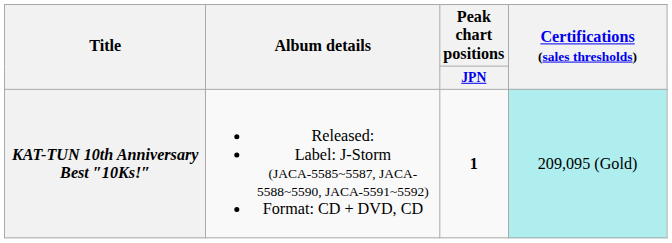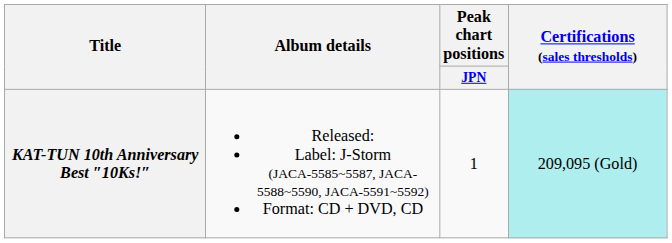 <table class="wikitable plainrowheaders" style="text-align:center;">
 <tr>
 <th scope="col" rowspan="2" style="width:12em;">Title</th>
 <th scope="col" rowspan="2" style="width:14em;">Album details</th>
 <th colspan="1">Peak chart positions</th>
 <th width="150" rowspan="2"><a href='#'>Certifications</a><br><small>(<a href='#'>sales thresholds</a>)</small></th>
 </tr>
 <tr>
 <th style="width:2.5em; font-size:85%"><a href='#'>JPN</a><br></th>
 </tr>
 <tr>
 <th scope="row"><em>KAT-TUN 10th Anniversary Best ″10Ks!″</em></th>
 <td><br><ul><li>Released: </li><li>Label: J-Storm <br><small>(JACA-5585~5587, JACA-5588~5590, JACA-5591~5592)</small></li><li>Format: CD + DVD, CD</li></ul></td>
-<td><strong>1</strong></td>
+<td>1</td>
 <td style="background: paleturquoise;">209,095 (Gold)</td>
 </tr>
 </table>
